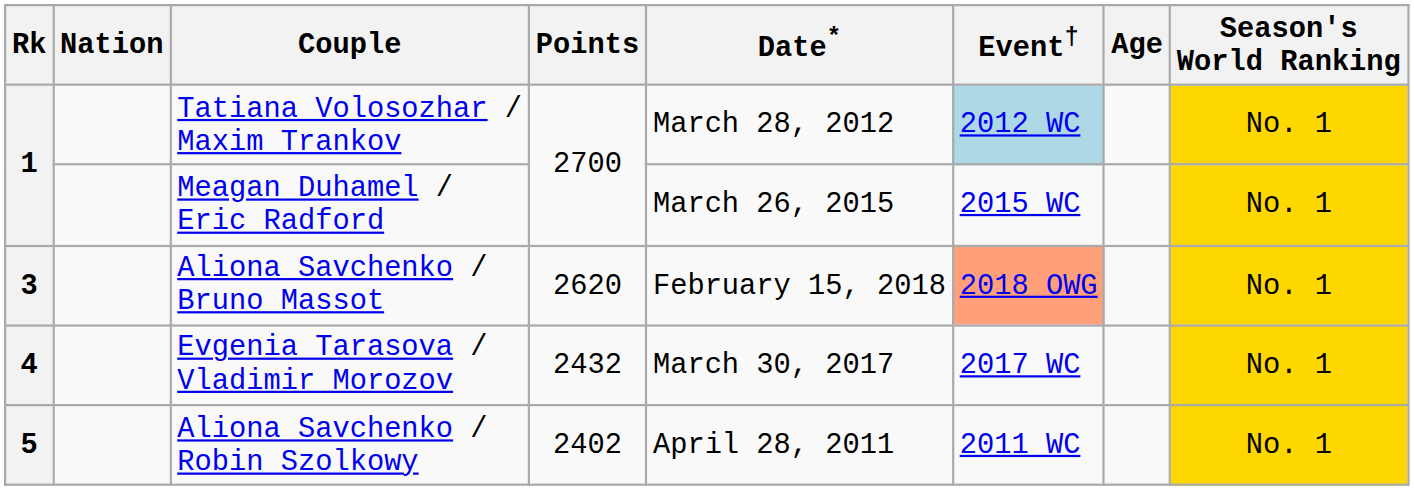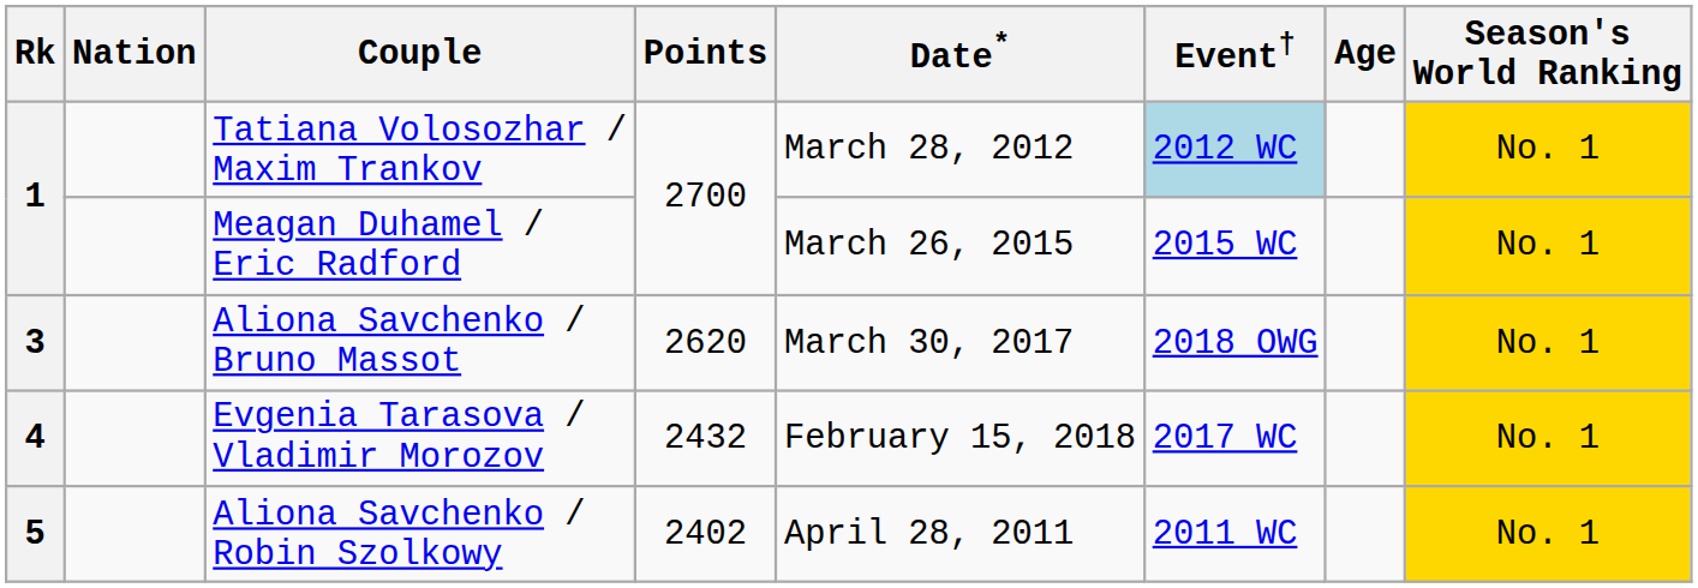 <table class="wikitable sortable">
 <tr>
 <th>Rk</th>
 <th>Nation</th>
 <th>Couple</th>
 <th>Points</th>
 <th>Date<sup>*</sup></th>
 <th>Event<sup>†</sup></th>
 <th>Age</th>
 <th>Season's<br>World  Ranking</th>
 </tr>
 <tr>
 <th rowspan="2">1</th>
 <td></td>
 <td><a href='#'>Tatiana Volosozhar</a> /<br><a href='#'>Maxim Trankov</a></td>
 <td rowspan="2" style="text-align: center;">2700</td>
 <td>March 28, 2012</td>
 <td style="background: lightblue;"><a href='#'>2012 WC</a></td>
 <td><br></td>
 <td style="background-color: gold; text-align: center;">No. 1</td>
 </tr>
 <tr>
 <td></td>
 <td><a href='#'>Meagan Duhamel</a> /<br><a href='#'>Eric Radford</a></td>
 <td>March 26, 2015</td>
 <td><a href='#'>2015 WC</a></td>
 <td><br></td>
 <td style="background-color: gold; text-align: center;">No. 1</td>
 </tr>
 <tr>
 <th>3</th>
 <td></td>
 <td><a href='#'>Aliona Savchenko</a> /<br><a href='#'>Bruno Massot</a></td>
 <td style="text-align: center;">2620</td>
-<td>February 15, 2018</td>
-<td style="background: lightsalmon;"><a href='#'>2018 OWG</a></td>
+<td>March 30, 2017</td>
+<td><a href='#'>2018 OWG</a></td>
 <td><br></td>
 <td style="background-color: gold; text-align: center;">No. 1</td>
 </tr>
 <tr>
 <th>4</th>
 <td></td>
 <td><a href='#'>Evgenia Tarasova</a> /<br><a href='#'>Vladimir Morozov</a></td>
 <td style="text-align: center;">2432</td>
-<td>March 30, 2017</td>
+<td>February 15, 2018</td>
 <td><a href='#'>2017 WC</a></td>
 <td><br></td>
 <td style="background-color: gold; text-align: center;">No. 1</td>
 </tr>
 <tr>
 <th>5</th>
 <td></td>
 <td><a href='#'>Aliona Savchenko</a> /<br><a href='#'>Robin Szolkowy</a></td>
 <td style="text-align: center;">2402</td>
 <td>April 28, 2011</td>
 <td><a href='#'>2011 WC</a></td>
 <td><br></td>
 <td style="background-color: gold; text-align: center;">No. 1</td>
 </tr>
 </table>
